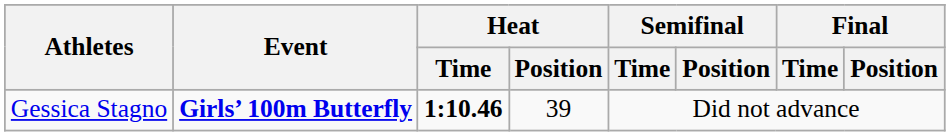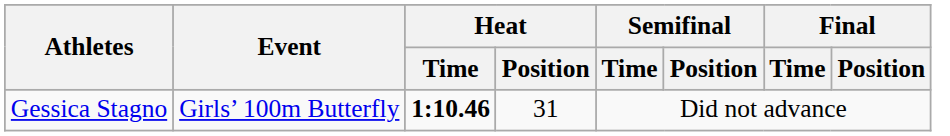 <table class="wikitable" border="1" style="font-size:90%">
 <tr>
 <th rowspan=2>Athletes</th>
 <th rowspan=2>Event</th>
 <th colspan=2>Heat</th>
 <th colspan=2>Semifinal</th>
 <th colspan=2>Final</th>
 </tr>
 <tr>
 <th>Time</th>
 <th>Position</th>
 <th>Time</th>
 <th>Position</th>
 <th>Time</th>
 <th>Position</th>
 </tr>
 <tr>
 <td rowspan=1><a href='#'>Gessica Stagno</a></td>
-<td><strong><a href='#'>Girls’ 100m Butterfly</a></strong></td>
+<td><a href='#'>Girls’ 100m Butterfly</a></td>
 <td align=center><strong>1:10.46</strong></td>
-<td align=center>39</td>
+<td align=center>31</td>
 <td colspan="4" align=center>Did not advance</td>
 </tr>
 </table>
